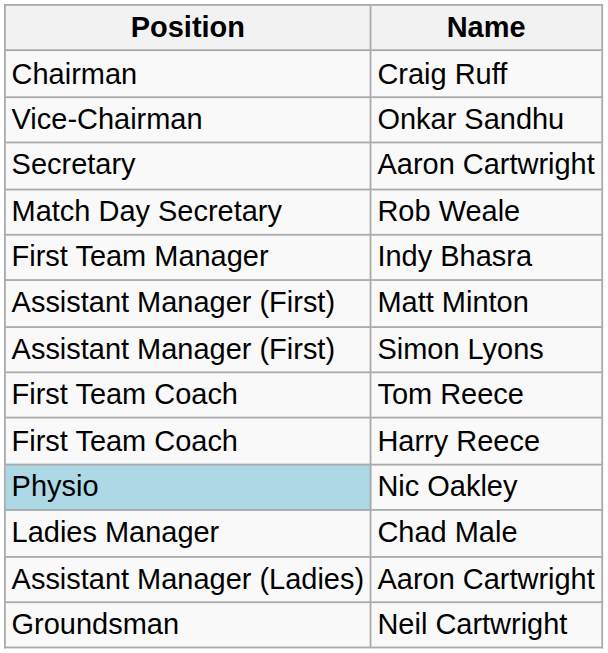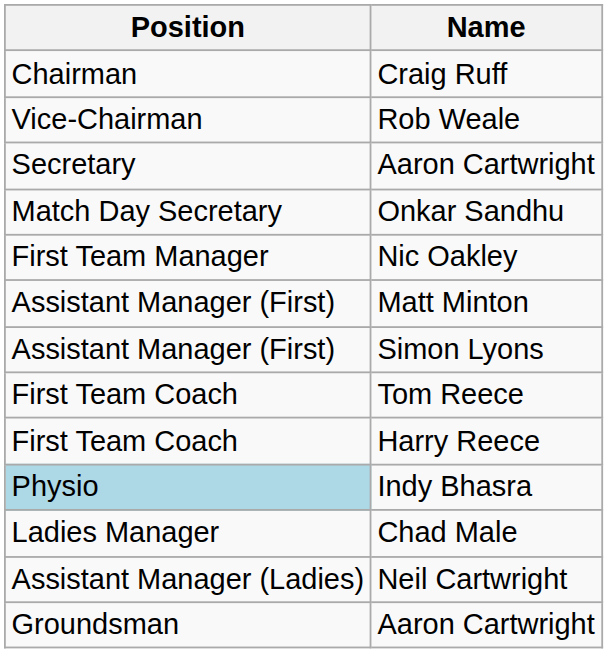 <table class=wikitable>
 <tr>
 <th>Position</th>
 <th>Name</th>
 </tr>
 <tr>
 <td>Chairman</td>
 <td> Craig Ruff</td>
 </tr>
 <tr>
 <td>Vice-Chairman</td>
-<td> Onkar Sandhu</td>
+<td> Rob Weale</td>
 </tr>
 <tr>
 <td>Secretary</td>
 <td> Aaron Cartwright</td>
 </tr>
 <tr>
 <td>Match Day Secretary</td>
-<td> Rob Weale</td>
+<td> Onkar Sandhu</td>
 </tr>
 <tr>
 <td>First Team Manager</td>
-<td> Indy Bhasra</td>
+<td> Nic Oakley</td>
 </tr>
 <tr>
 <td>Assistant Manager (First)</td>
 <td> Matt Minton</td>
 </tr>
 <tr>
 <td>Assistant Manager (First)</td>
 <td> Simon Lyons</td>
 </tr>
 <tr>
 <td>First Team Coach</td>
 <td> Tom Reece</td>
 </tr>
 <tr>
 <td>First Team Coach</td>
 <td> Harry Reece</td>
 </tr>
 <tr>
 <td style="background: lightblue;">Physio</td>
-<td> Nic Oakley</td>
+<td> Indy Bhasra</td>
 </tr>
 <tr>
 <td>Ladies Manager</td>
 <td> Chad Male</td>
 </tr>
 <tr>
 <td>Assistant Manager (Ladies)</td>
-<td> Aaron Cartwright</td>
+<td> Neil Cartwright</td>
 </tr>
 <tr>
 <td>Groundsman</td>
-<td> Neil Cartwright</td>
+<td> Aaron Cartwright</td>
 </tr>
 </table>
